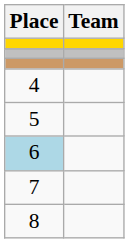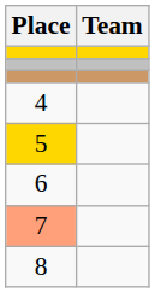 <table class="wikitable" style="text-align: center;">
 <tr>
 <th>Place</th>
 <th>Team</th>
 </tr>
 <tr style="text-align: center; background: gold">
 <td></td>
 <td style="text-align:left;"></td>
 </tr>
 <tr style="text-align: center; background: silver">
 <td></td>
 <td style="text-align:left;"></td>
 </tr>
 <tr style="text-align: center; background: #CC9966">
 <td></td>
 <td style="text-align:left;"></td>
 </tr>
 <tr>
 <td>4</td>
 <td style="text-align:left;"></td>
 </tr>
 <tr>
-<td>5</td>
+<td style="background: gold;">5</td>
 <td style="text-align:left;"></td>
 </tr>
 <tr>
-<td style="background: lightblue;">6</td>
+<td>6</td>
 <td style="text-align:left;"></td>
 </tr>
 <tr>
-<td>7</td>
+<td style="background: lightsalmon;">7</td>
 <td style="text-align:left;"></td>
 </tr>
 <tr>
 <td>8</td>
 <td style="text-align:left;"></td>
 </tr>
 </table>
